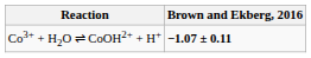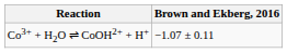 <table class="wikitable">
 <tr>
 <th>Reaction</th>
 <th>Brown and Ekberg, 2016</th>
 </tr>
 <tr>
 <td>Co<sup>3+</sup> + H<sub>2</sub>O ⇌ CoOH<sup>2+</sup> + H<sup>+</sup></td>
-<td><strong>−1.07 ± 0.11</strong></td>
+<td>−1.07 ± 0.11</td>
 </tr>
 </table>
